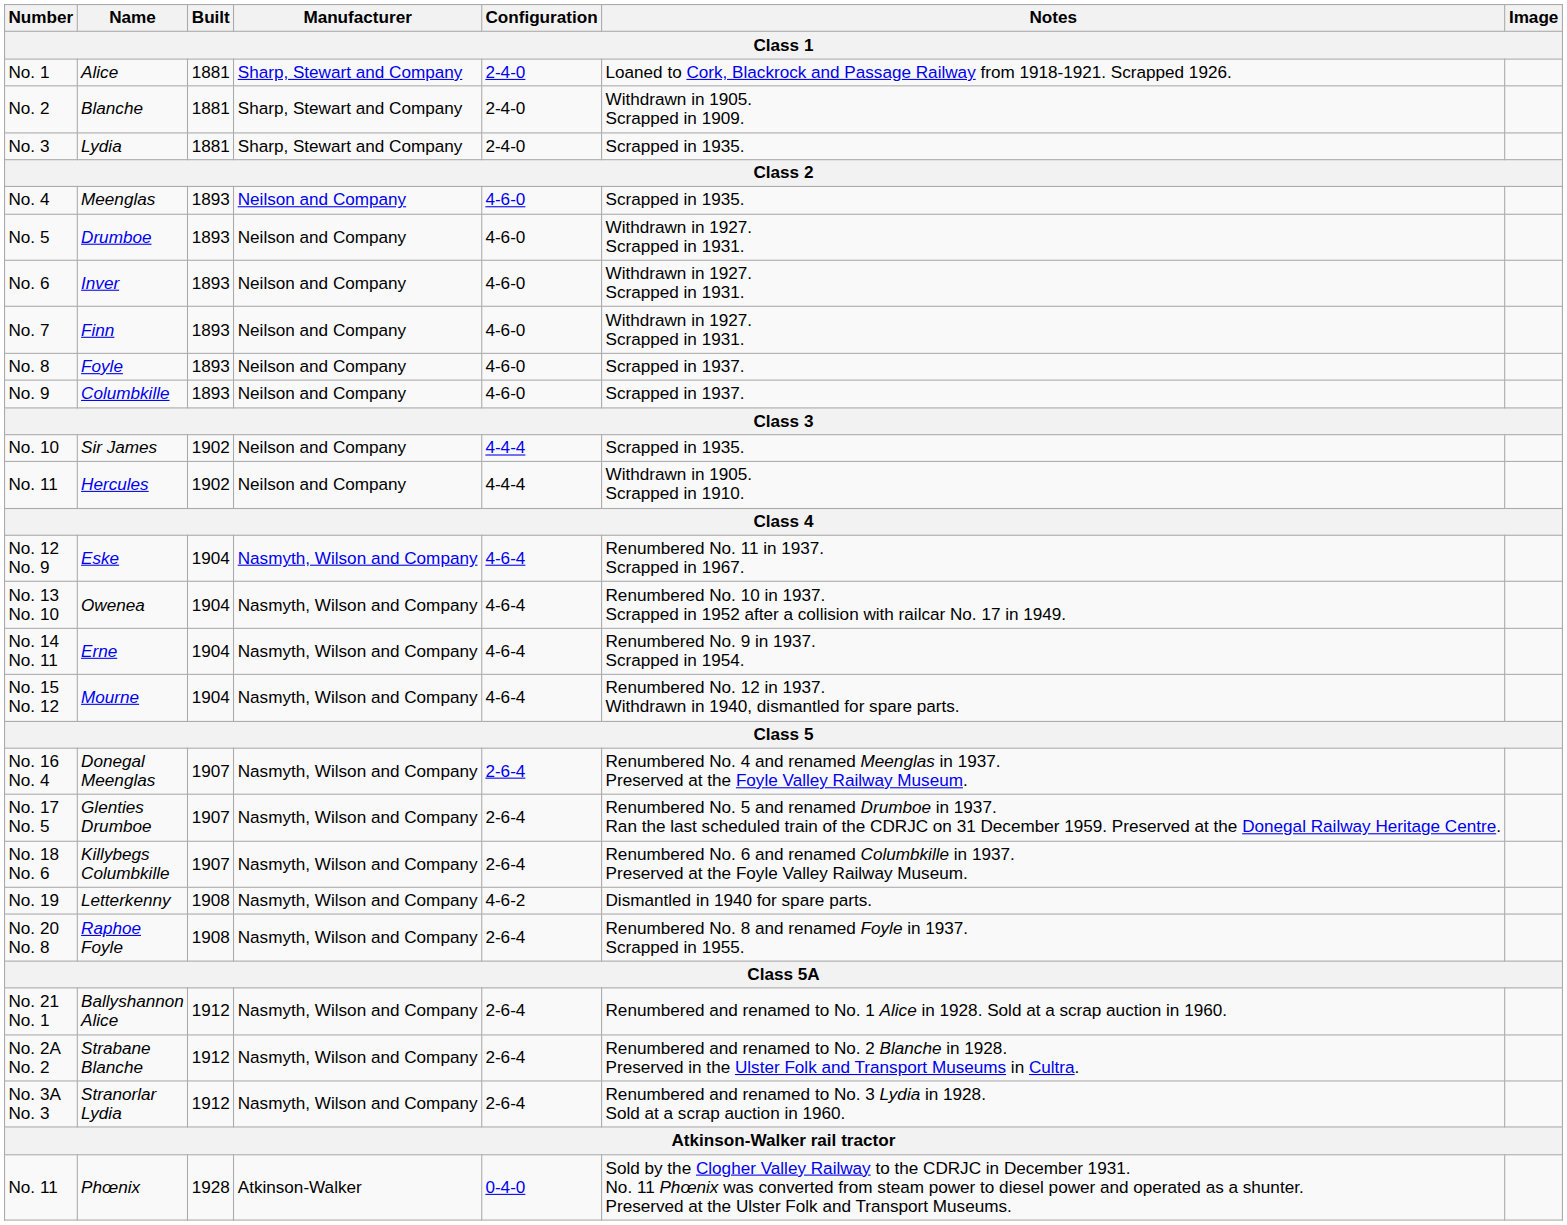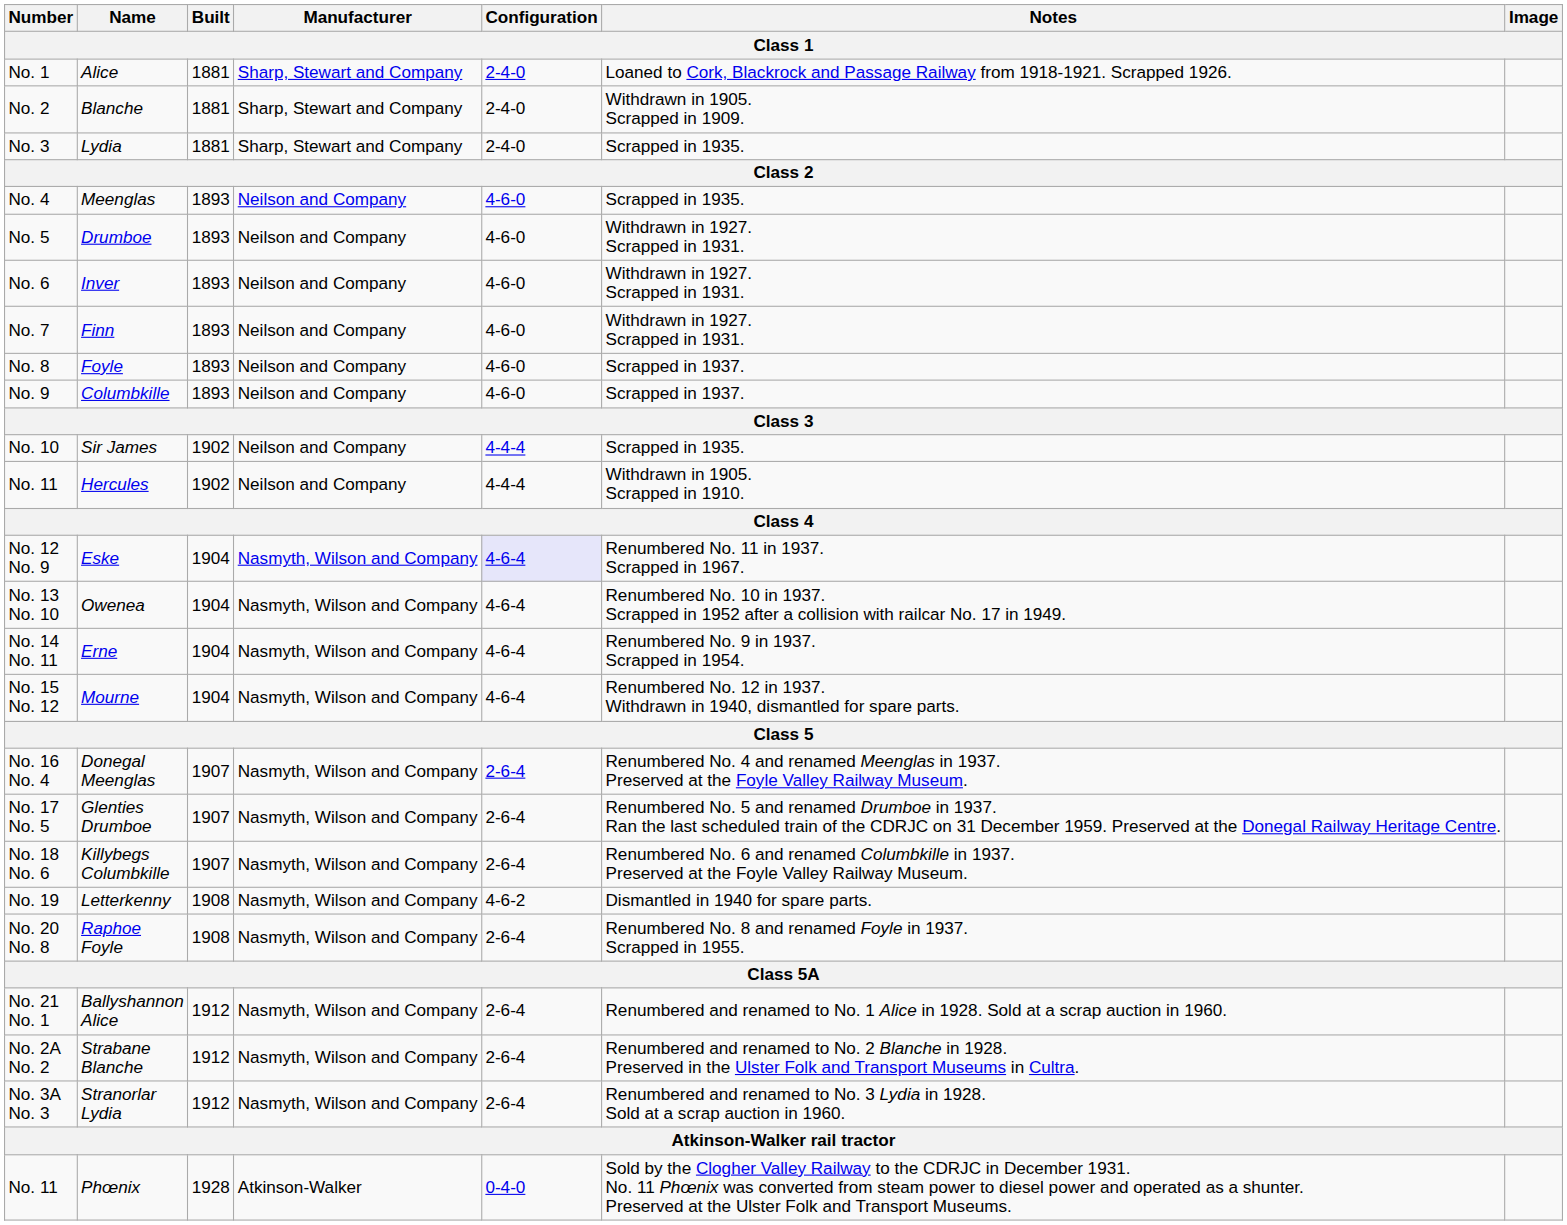 <table class="wikitable">
 <tr>
 <th>Number</th>
 <th>Name</th>
 <th>Built</th>
 <th>Manufacturer</th>
 <th>Configuration</th>
 <th>Notes</th>
 <th>Image</th>
 </tr>
 <tr>
 <th colspan="7">Class 1</th>
 </tr>
 <tr>
 <td>No. 1</td>
 <td><em>Alice</em></td>
 <td>1881</td>
 <td><a href='#'>Sharp, Stewart and Company</a></td>
 <td><a href='#'>2-4-0</a></td>
 <td>Loaned to <a href='#'>Cork, Blackrock and Passage Railway</a> from 1918-1921. Scrapped 1926.</td>
 <td></td>
 </tr>
 <tr>
 <td>No. 2</td>
 <td><em>Blanche</em></td>
 <td>1881</td>
 <td>Sharp, Stewart and Company</td>
 <td>2-4-0</td>
 <td>Withdrawn in 1905.<br>Scrapped in 1909.</td>
 <td></td>
 </tr>
 <tr>
 <td>No. 3</td>
 <td><em>Lydia</em></td>
 <td>1881</td>
 <td>Sharp, Stewart and Company</td>
 <td>2-4-0</td>
 <td>Scrapped in 1935.</td>
 <td></td>
 </tr>
 <tr>
 <th colspan="7">Class 2</th>
 </tr>
 <tr>
 <td>No. 4</td>
 <td><em>Meenglas</em></td>
 <td>1893</td>
 <td><a href='#'>Neilson and Company</a></td>
 <td><a href='#'>4-6-0</a></td>
 <td>Scrapped in 1935.</td>
 <td></td>
 </tr>
 <tr>
 <td>No. 5</td>
 <td><a href='#'><em>Drumboe</em></a></td>
 <td>1893</td>
 <td>Neilson and Company</td>
 <td>4-6-0</td>
 <td>Withdrawn in 1927.<br>Scrapped in 1931.</td>
 <td></td>
 </tr>
 <tr>
 <td>No. 6</td>
 <td><em><a href='#'>Inver</a></em></td>
 <td>1893</td>
 <td>Neilson and Company</td>
 <td>4-6-0</td>
 <td>Withdrawn in 1927.<br>Scrapped in 1931.</td>
 <td></td>
 </tr>
 <tr>
 <td>No. 7</td>
 <td><a href='#'><em>Finn</em></a></td>
 <td>1893</td>
 <td>Neilson and Company</td>
 <td>4-6-0</td>
 <td>Withdrawn in 1927.<br>Scrapped in 1931.</td>
 <td></td>
 </tr>
 <tr>
 <td>No. 8</td>
 <td><a href='#'><em>Foyle</em></a></td>
 <td>1893</td>
 <td>Neilson and Company</td>
 <td>4-6-0</td>
 <td>Scrapped in 1937.</td>
 <td></td>
 </tr>
 <tr>
 <td>No. 9</td>
 <td><a href='#'><em>Columbkille</em></a></td>
 <td>1893</td>
 <td>Neilson and Company</td>
 <td>4-6-0</td>
 <td>Scrapped in 1937.</td>
 <td></td>
 </tr>
 <tr>
 <th colspan="7">Class 3</th>
 </tr>
 <tr>
 <td>No. 10</td>
 <td><em>Sir James</em></td>
 <td>1902</td>
 <td>Neilson and Company</td>
 <td><a href='#'>4-4-4</a></td>
 <td>Scrapped in 1935.</td>
 <td></td>
 </tr>
 <tr>
 <td>No. 11</td>
 <td><a href='#'><em>Hercules</em></a></td>
 <td>1902</td>
 <td>Neilson and Company</td>
 <td>4-4-4</td>
 <td>Withdrawn in 1905.<br>Scrapped in 1910.</td>
 <td></td>
 </tr>
 <tr>
 <th colspan="7">Class 4</th>
 </tr>
 <tr>
 <td>No. 12<br>No. 9</td>
 <td><a href='#'><em>Eske</em></a></td>
 <td>1904</td>
 <td><a href='#'>Nasmyth, Wilson and Company</a></td>
-<td><a href='#'>4-6-4</a></td>
+<td style="background: lavender;"><a href='#'>4-6-4</a></td>
 <td>Renumbered No. 11 in 1937.<br>Scrapped in 1967.</td>
 <td></td>
 </tr>
 <tr>
 <td>No. 13<br>No. 10</td>
 <td><em>Owenea</em></td>
 <td>1904</td>
 <td>Nasmyth, Wilson and Company</td>
 <td>4-6-4</td>
 <td>Renumbered No. 10 in 1937.<br>Scrapped in 1952 after a collision with railcar No. 17 in 1949.</td>
 <td></td>
 </tr>
 <tr>
 <td>No. 14<br>No. 11</td>
 <td><a href='#'><em>Erne</em></a></td>
 <td>1904</td>
 <td>Nasmyth, Wilson and Company</td>
 <td>4-6-4</td>
 <td>Renumbered No. 9 in 1937.<br>Scrapped in 1954.</td>
 <td></td>
 </tr>
 <tr>
 <td>No. 15<br>No. 12</td>
 <td><a href='#'><em>Mourne</em></a></td>
 <td>1904</td>
 <td>Nasmyth, Wilson and Company</td>
 <td>4-6-4</td>
 <td>Renumbered No. 12 in 1937.<br>Withdrawn in 1940, dismantled for spare parts.</td>
 <td></td>
 </tr>
 <tr>
 <th colspan="7">Class 5</th>
 </tr>
 <tr>
 <td>No. 16<br>No. 4</td>
 <td><em>Donegal</em><br><em>Meenglas</em></td>
 <td>1907</td>
 <td>Nasmyth, Wilson and Company</td>
 <td><a href='#'>2-6-4</a></td>
 <td>Renumbered No. 4 and renamed <em>Meenglas</em> in 1937.<br>Preserved at the <a href='#'>Foyle Valley Railway Museum</a>.</td>
 <td></td>
 </tr>
 <tr>
 <td>No. 17<br>No. 5</td>
 <td><em>Glenties</em><br><em>Drumboe</em></td>
 <td>1907</td>
 <td>Nasmyth, Wilson and Company</td>
 <td>2-6-4</td>
 <td>Renumbered No. 5 and renamed <em>Drumboe</em> in 1937.<br>Ran the last scheduled train of the CDRJC on 31 December 1959. Preserved at the <a href='#'>Donegal Railway Heritage Centre</a>.</td>
 <td></td>
 </tr>
 <tr>
 <td>No. 18<br>No. 6</td>
 <td><em>Killybegs</em><br><em>Columbkille</em></td>
 <td>1907</td>
 <td>Nasmyth, Wilson and Company</td>
 <td>2-6-4</td>
 <td>Renumbered No. 6 and renamed <em>Columbkille</em> in 1937.<br>Preserved at the Foyle Valley Railway Museum.</td>
 <td></td>
 </tr>
 <tr>
 <td>No. 19</td>
 <td><em>Letterkenny</em></td>
 <td>1908</td>
 <td>Nasmyth, Wilson and Company</td>
 <td>4-6-2</td>
 <td>Dismantled in 1940 for spare parts.</td>
 <td></td>
 </tr>
 <tr>
 <td>No. 20<br>No. 8</td>
 <td><em><a href='#'>Raphoe</a></em><br><em>Foyle</em></td>
 <td>1908</td>
 <td>Nasmyth, Wilson and Company</td>
 <td>2-6-4</td>
 <td>Renumbered No. 8 and renamed <em>Foyle</em> in 1937.<br>Scrapped in 1955.</td>
 <td></td>
 </tr>
 <tr>
 <th colspan="7">Class 5A</th>
 </tr>
 <tr>
 <td>No. 21<br>No. 1</td>
 <td><em>Ballyshannon</em><br><em>Alice</em></td>
 <td>1912</td>
 <td>Nasmyth, Wilson and Company</td>
 <td>2-6-4</td>
 <td>Renumbered and renamed to No. 1 <em>Alice</em> in 1928. Sold at a scrap auction in 1960.</td>
 <td></td>
 </tr>
 <tr>
 <td>No. 2A<br>No. 2</td>
 <td><em>Strabane</em><br><em>Blanche</em></td>
 <td>1912</td>
 <td>Nasmyth, Wilson and Company</td>
 <td>2-6-4</td>
 <td>Renumbered and renamed to No. 2 <em>Blanche</em> in 1928.<br>Preserved in the <a href='#'>Ulster Folk and Transport Museums</a> in <a href='#'>Cultra</a>.</td>
 <td></td>
 </tr>
 <tr>
 <td>No. 3A<br>No. 3</td>
 <td><em>Stranorlar</em><br><em>Lydia</em></td>
 <td>1912</td>
 <td>Nasmyth, Wilson and Company</td>
 <td>2-6-4</td>
 <td>Renumbered and renamed to No. 3 <em>Lydia</em> in 1928.<br>Sold at a scrap auction in 1960.</td>
 <td></td>
 </tr>
 <tr>
 <th colspan="7">Atkinson-Walker rail tractor</th>
 </tr>
 <tr>
 <td>No. 11</td>
 <td><em>Phœnix</em></td>
 <td>1928</td>
 <td>Atkinson-Walker</td>
 <td><a href='#'>0-4-0</a></td>
 <td>Sold by the <a href='#'>Clogher Valley Railway</a> to the CDRJC in December 1931.<br>No. 11 <em>Phœnix</em> was converted from steam power to diesel power and operated as a shunter.<br>Preserved at the Ulster Folk and Transport Museums.</td>
 <td></td>
 </tr>
 </table>
